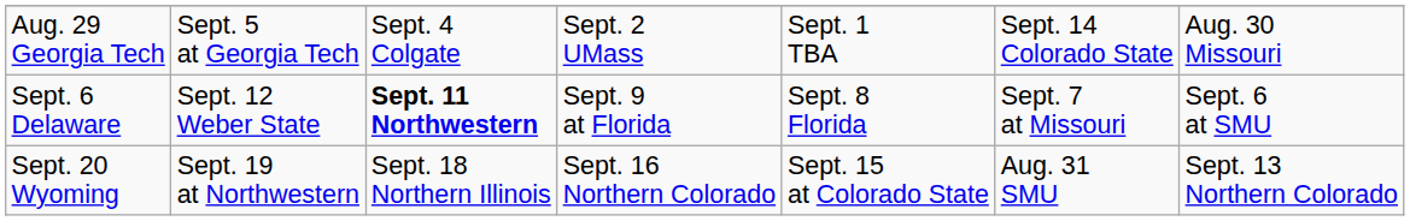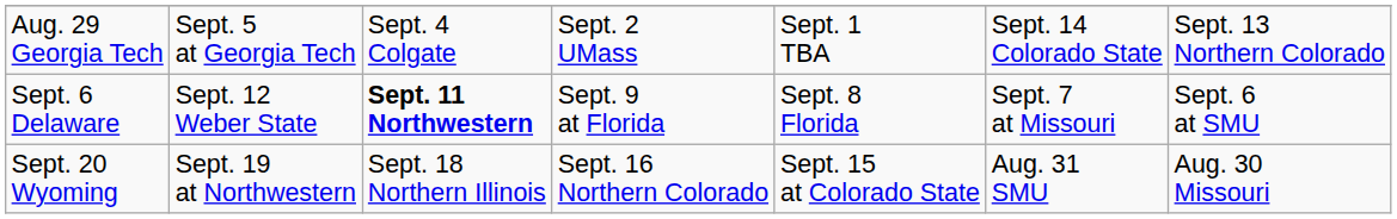 <table class="wikitable">
 <tr>
 </tr>
 <tr>
 <td>Aug. 29<br><a href='#'>Georgia Tech</a></td>
 <td>Sept. 5<br>at <a href='#'>Georgia Tech</a></td>
 <td>Sept. 4<br><a href='#'>Colgate</a></td>
 <td>Sept. 2<br><a href='#'>UMass</a></td>
 <td>Sept. 1<br>TBA</td>
 <td>Sept. 14<br><a href='#'>Colorado State</a></td>
-<td>Aug. 30<br><a href='#'>Missouri</a></td>
+<td>Sept. 13<br><a href='#'>Northern Colorado</a></td>
 </tr>
 <tr>
 <td>Sept. 6<br><a href='#'>Delaware</a></td>
 <td>Sept. 12<br><a href='#'>Weber State</a></td>
 <td><strong>Sept. 11<br><a href='#'>Northwestern</a></strong></td>
 <td>Sept. 9<br>at <a href='#'>Florida</a></td>
 <td>Sept. 8<br><a href='#'>Florida</a></td>
 <td>Sept. 7<br>at <a href='#'>Missouri</a></td>
 <td>Sept. 6<br>at <a href='#'>SMU</a></td>
 </tr>
 <tr>
 <td>Sept. 20<br><a href='#'>Wyoming</a></td>
 <td>Sept. 19<br>at <a href='#'>Northwestern</a></td>
 <td>Sept. 18<br><a href='#'>Northern Illinois</a></td>
 <td>Sept. 16<br><a href='#'>Northern Colorado</a></td>
 <td>Sept. 15<br>at <a href='#'>Colorado State</a></td>
 <td>Aug. 31<br><a href='#'>SMU</a></td>
-<td>Sept. 13<br><a href='#'>Northern Colorado</a></td>
+<td>Aug. 30<br><a href='#'>Missouri</a></td>
 </tr>
 </table>
